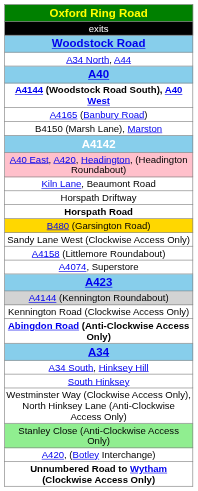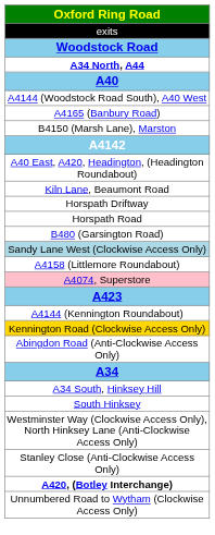 <table border=1 cellpadding=2 width="300" style="float:right; clear:right; margin-left:1em; margin-bottom: 1em; color: black; border-collapse: collapse; font-size: 95%;">
 <tr align="middle" bgcolor="green" style="color: yellow;font-size:120%;">
 <td colspan="2"><strong>Oxford Ring Road</strong></td>
 </tr>
 <tr align="center" bgcolor="000000" style="color: white">
 <td>exits</td>
 </tr>
 <tr align="center" bgcolor="skyblue" style="color: white;font-size:120%;">
 <td colspan="1"><strong><a href='#'>Woodstock Road</a></strong></td>
 </tr>
 <tr align='center'>
-<td><a href='#'>A34 North</a>, <a href='#'>A44</a></td>
+<td><strong><a href='#'>A34 North</a>, <a href='#'>A44</a></strong></td>
 </tr>
 <tr align="center" bgcolor="skyblue" style="color: white;font-size:120%;">
 <td colspan="1"><strong><a href='#'>A40</a></strong></td>
 </tr>
 <tr align='center'>
-<td><strong><a href='#'>A4144</a> (Woodstock Road South), <a href='#'>A40 West</a></strong></td>
+<td><a href='#'>A4144</a> (Woodstock Road South), <a href='#'>A40 West</a></td>
 </tr>
 <tr align='center'>
 <td><a href='#'>A4165</a> (<a href='#'>Banbury Road</a>)</td>
 </tr>
 <tr align='center'>
 <td>B4150 (Marsh Lane), <a href='#'>Marston</a></td>
 </tr>
 <tr align="center" bgcolor="skyblue" style="color: white;font-size:120%;">
 <td colspan="1"><strong>A4142</strong></td>
 </tr>
 <tr align='center'>
-<td style="background: pink;"><a href='#'>A40 East</a>, <a href='#'>A420</a>, <a href='#'>Headington</a>, (Headington Roundabout)</td>
+<td><a href='#'>A40 East</a>, <a href='#'>A420</a>, <a href='#'>Headington</a>, (Headington Roundabout)</td>
 </tr>
 <tr align='center'>
 <td><a href='#'>Kiln Lane</a>, Beaumont Road</td>
 </tr>
 <tr align='center'>
 <td>Horspath Driftway</td>
 </tr>
 <tr align='center'>
-<td><strong>Horspath Road</strong></td>
+<td>Horspath Road</td>
 </tr>
 <tr align='center'>
-<td style="background: gold;"><a href='#'>B480</a> (Garsington Road)</td>
+<td><a href='#'>B480</a> (Garsington Road)</td>
 </tr>
 <tr align='center'>
-<td>Sandy Lane West (Clockwise Access Only)</td>
+<td style="background: lightblue;">Sandy Lane West (Clockwise Access Only)</td>
 </tr>
 <tr align='center'>
 <td><a href='#'>A4158</a> (Littlemore Roundabout)</td>
 </tr>
 <tr align='center'>
-<td><a href='#'>A4074</a>, Superstore</td>
+<td style="background: pink;"><a href='#'>A4074</a>, Superstore</td>
 </tr>
 <tr align="center" bgcolor="skyblue" style="color: white;font-size:120%;">
 <td colspan="1"><strong><a href='#'>A423</a></strong></td>
 </tr>
 <tr align='center'>
-<td style="background: lightgrey;"><a href='#'>A4144</a> (Kennington Roundabout)</td>
+<td><a href='#'>A4144</a> (Kennington Roundabout)</td>
 </tr>
 <tr align='center'>
-<td>Kennington Road (Clockwise Access Only)</td>
+<td style="background: gold;">Kennington Road (Clockwise Access Only)</td>
 </tr>
 <tr align='center'>
-<td><strong><a href='#'>Abingdon Road</a> (Anti-Clockwise Access Only)</strong></td>
+<td><a href='#'>Abingdon Road</a> (Anti-Clockwise Access Only)</td>
 </tr>
 <tr align="center" bgcolor="skyblue" style="color: white;font-size:120%;">
 <td colspan="1"><strong><a href='#'>A34</a></strong></td>
 </tr>
 <tr align='center'>
 <td><a href='#'>A34 South</a>, <a href='#'>Hinksey Hill</a></td>
 </tr>
 <tr align='center'>
 <td><a href='#'>South Hinksey</a></td>
 </tr>
 <tr align='center'>
 <td>Westminster Way (Clockwise Access Only), North Hinksey Lane (Anti-Clockwise Access Only)</td>
 </tr>
 <tr align='center'>
-<td style="background: lightgreen;">Stanley Close (Anti-Clockwise Access Only)</td>
+<td>Stanley Close (Anti-Clockwise Access Only)</td>
 </tr>
 <tr align='center'>
-<td><a href='#'>A420</a>, (<a href='#'>Botley</a> Interchange)</td>
+<td><strong><a href='#'>A420</a>, (<a href='#'>Botley</a> Interchange)</strong></td>
 </tr>
 <tr align='center'>
-<td><strong>Unnumbered Road to <a href='#'>Wytham</a> (Clockwise Access Only)</strong></td>
+<td>Unnumbered Road to <a href='#'>Wytham</a> (Clockwise Access Only)</td>
 </tr>
 </table>
